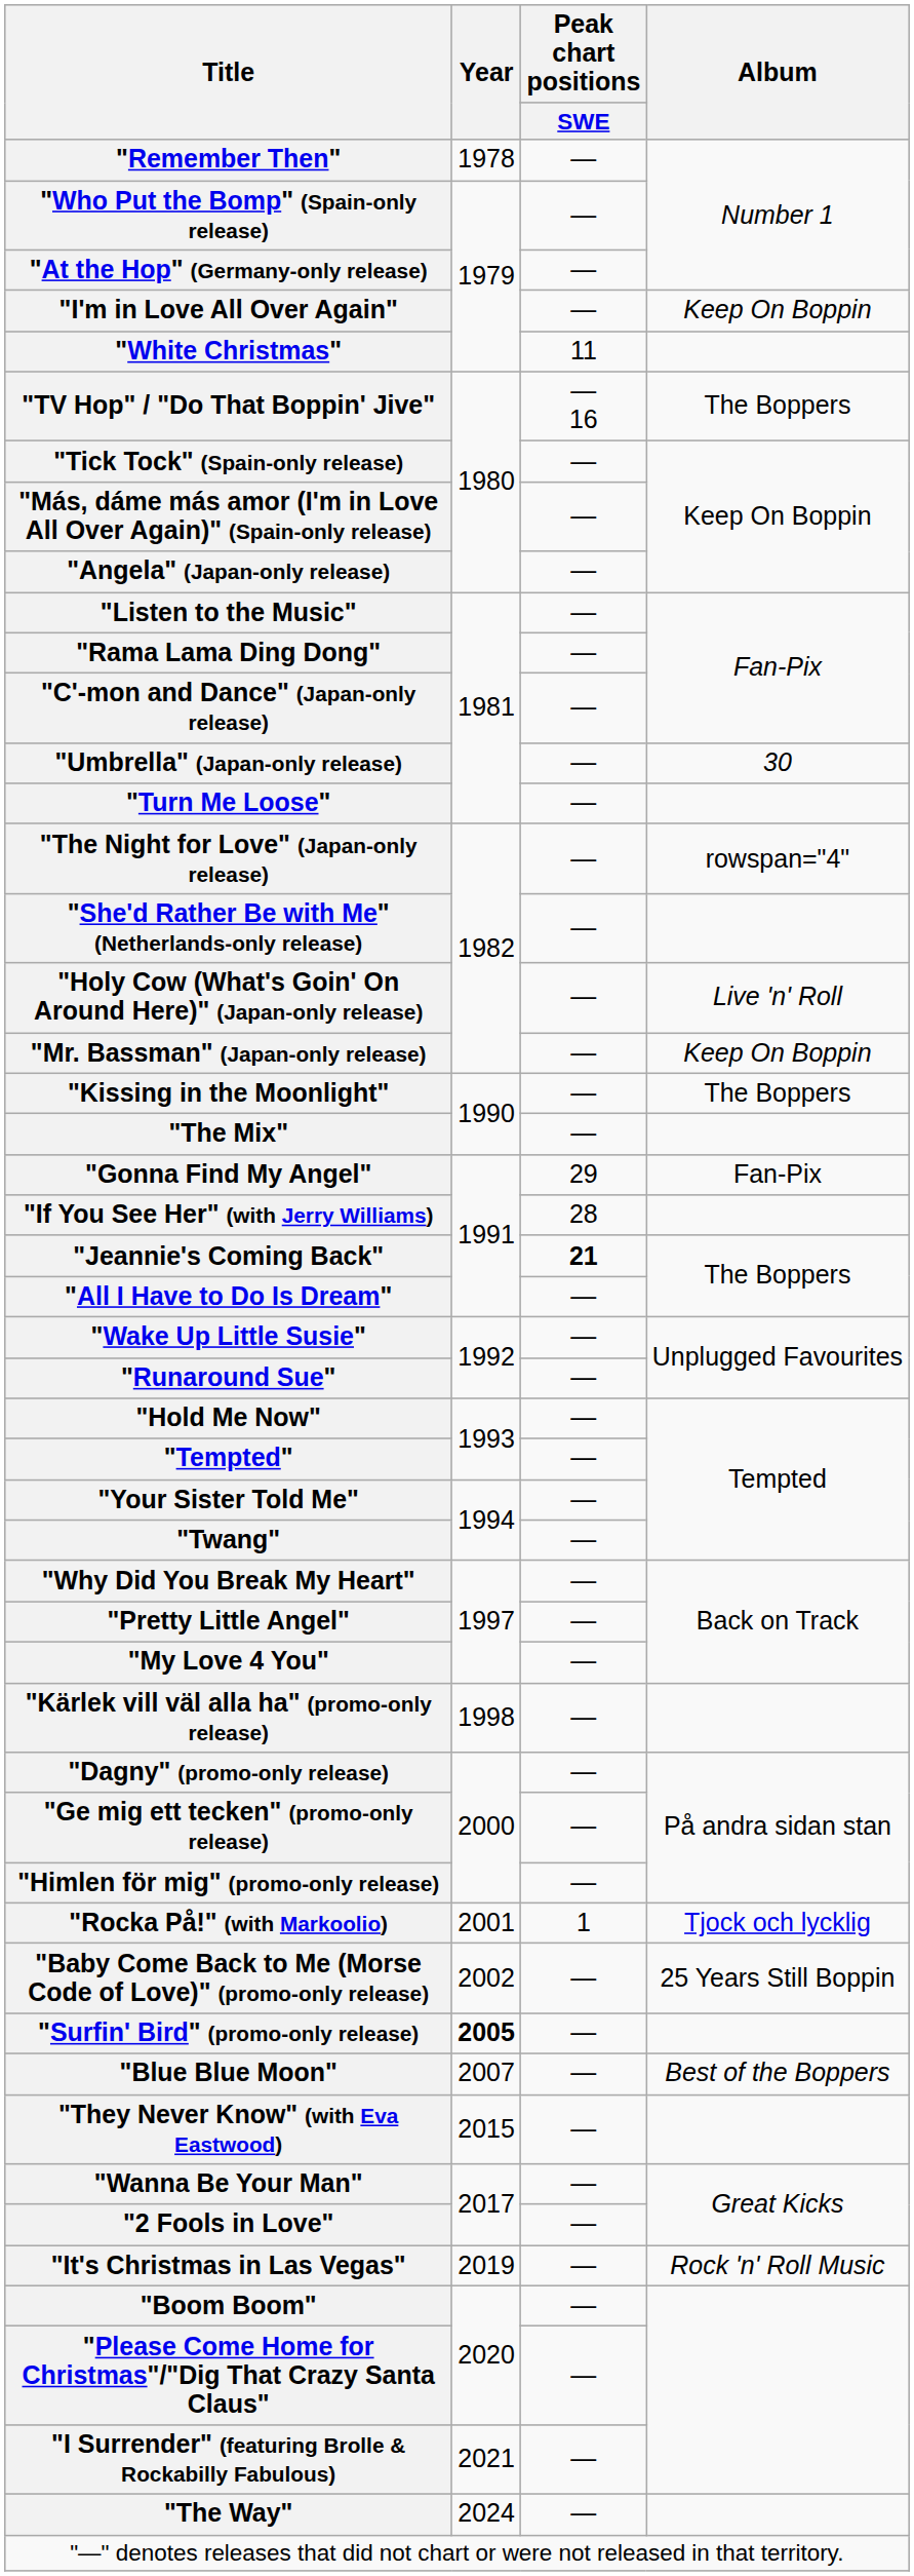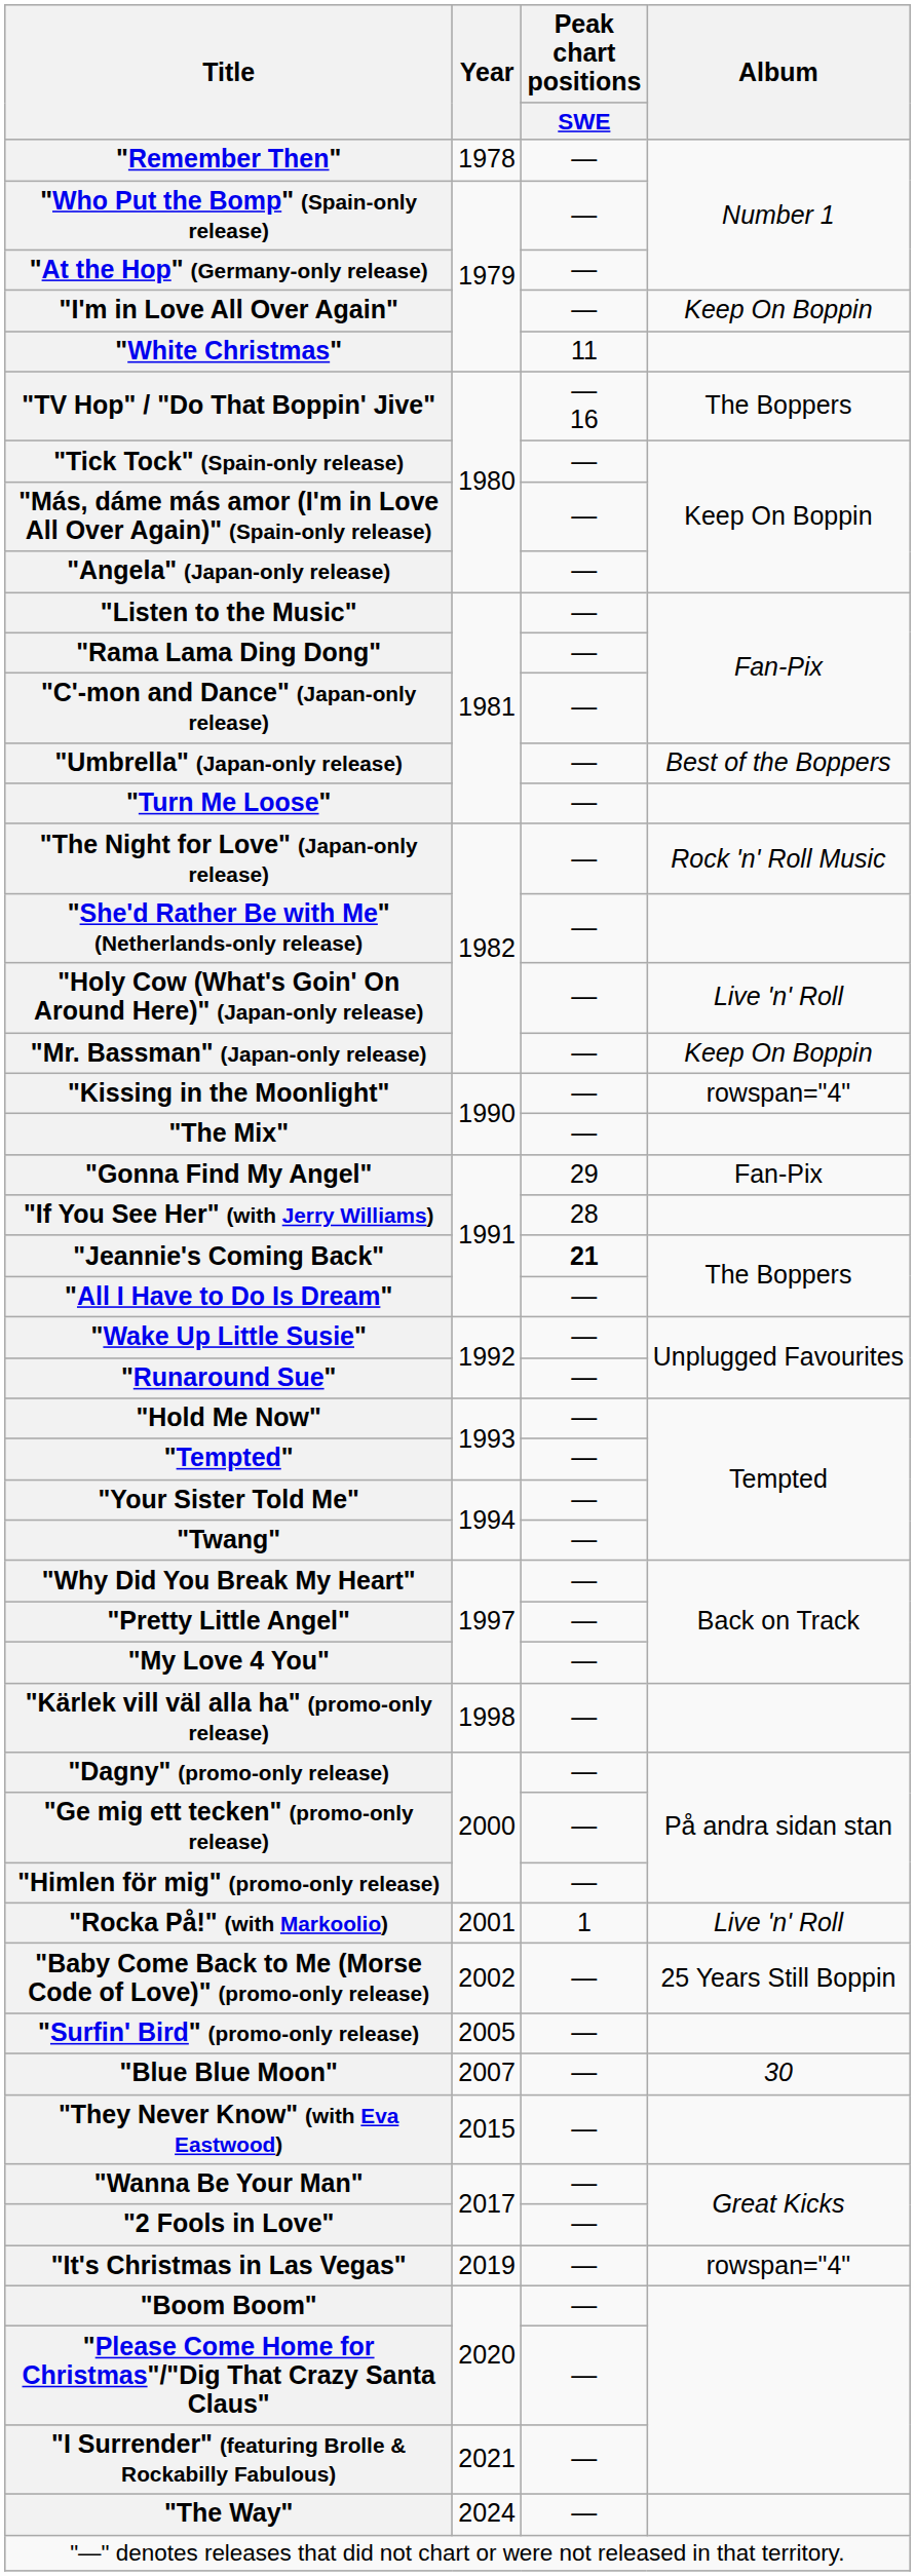 <table class="wikitable plainrowheaders" style="text-align:center;">
 <tr>
 <th rowspan="2" scope="col" style="width:17em;">Title</th>
 <th rowspan="2" scope="col" style="width:2em;">Year</th>
 <th>Peak chart positions</th>
 <th rowspan="2">Album</th>
 </tr>
 <tr>
 <th scope="col" style="width:2em;font-size:90%;"><a href='#'>SWE</a><br></th>
 </tr>
 <tr>
 <th scope="row">"<a href='#'>Remember Then</a>"</th>
 <td>1978</td>
 <td>—</td>
 <td rowspan="3"><em>Number 1</em></td>
 </tr>
 <tr>
 <th scope="row">"<a href='#'>Who Put the Bomp</a>" <small>(Spain-only release)</small></th>
 <td rowspan="4">1979</td>
 <td>—</td>
 </tr>
 <tr>
 <th scope="row">"<a href='#'>At the Hop</a>" <small>(Germany-only release)</small></th>
 <td>—</td>
 </tr>
 <tr>
 <th scope="row">"I'm in Love All Over Again"</th>
 <td>—</td>
 <td><em>Keep On Boppin<strong></td>
 </tr>
 <tr>
 <th scope="row">"<a href='#'>White Christmas</a>"</th>
 <td>11</td>
 <td></td>
 </tr>
 <tr>
 <th scope="row">"TV Hop" / "Do That Boppin' Jive"</th>
 <td rowspan="4">1980</td>
 <td>—<br>16</td>
 <td></em>The Boppers<em></td>
 </tr>
 <tr>
 <th scope="row">"Tick Tock" <small>(Spain-only release)</small></th>
 <td>—</td>
 <td rowspan="3"></em>Keep On Boppin</strong></td>
 </tr>
 <tr>
 <th scope="row">"Más, dáme más amor (I'm in Love All Over Again)" <small>(Spain-only release)</small></th>
 <td>—</td>
 </tr>
 <tr>
 <th scope="row">"Angela" <small>(Japan-only release)</small></th>
 <td>—</td>
 </tr>
 <tr>
 <th scope="row">"Listen to the Music"</th>
 <td rowspan="5">1981</td>
 <td>—</td>
 <td rowspan="3"><em>Fan-Pix</em></td>
 </tr>
 <tr>
 <th scope="row">"Rama Lama Ding Dong"</th>
 <td>—</td>
 </tr>
 <tr>
 <th scope="row">"C'-mon and Dance" <small>(Japan-only release)</small></th>
 <td>—</td>
 </tr>
 <tr>
 <th scope="row">"Umbrella" <small>(Japan-only release)</small></th>
 <td>—</td>
-<td><em>30</em></td>
+<td><em>Best of the Boppers</em></td>
 </tr>
 <tr>
 <th scope="row">"<a href='#'>Turn Me Loose</a>"</th>
 <td>—</td>
 <td></td>
 </tr>
 <tr>
 <th scope="row">"The Night for Love" <small>(Japan-only release)</small></th>
 <td rowspan="4">1982</td>
 <td>—</td>
-<td>rowspan="4" </td>
+<td><em>Rock 'n' Roll Music</em></td>
 </tr>
 <tr>
 <th scope="row">"<a href='#'>She'd Rather Be with Me</a>" <small>(Netherlands-only release)</small></th>
 <td>—</td>
 <td></td>
 </tr>
 <tr>
 <th scope="row">"Holy Cow (What's Goin' On Around Here)" <small>(Japan-only release)</small></th>
 <td>—</td>
 <td><em>Live 'n' Roll</em></td>
 </tr>
 <tr>
 <th scope="row">"Mr. Bassman" <small>(Japan-only release)</small></th>
 <td>—</td>
 <td><em>Keep On Boppin<strong></td>
 </tr>
 <tr>
 <th scope="row">"Kissing in the Moonlight"</th>
 <td rowspan="2">1990</td>
 <td>—</td>
-<td></em>The Boppers<em></td>
+<td>rowspan="4" </td>
 </tr>
 <tr>
 <th scope="row">"The Mix"</th>
 <td>—</td>
 <td></td>
 </tr>
 <tr>
 <th scope="row">"Gonna Find My Angel"</th>
 <td rowspan="4">1991</td>
 <td>29</td>
 <td></em>Fan-Pix<em></td>
 </tr>
 <tr>
 <th scope="row">"If You See Her" <small>(with <a href='#'>Jerry Williams</a>)</small></th>
 <td>28</td>
 <td></td>
 </tr>
 <tr>
 <th scope="row">"Jeannie's Coming Back"</th>
 <td><strong>21</strong></td>
 <td rowspan="2"></em>The Boppers<em></td>
 </tr>
 <tr>
 <th scope="row">"<a href='#'>All I Have to Do Is Dream</a>"</th>
 <td>—</td>
 </tr>
 <tr>
 <th scope="row">"<a href='#'>Wake Up Little Susie</a>"</th>
 <td rowspan="2">1992</td>
 <td>—</td>
 <td rowspan="2"></em>Unplugged Favourites<em></td>
 </tr>
 <tr>
 <th scope="row">"<a href='#'>Runaround Sue</a>"</th>
 <td>—</td>
 </tr>
 <tr>
 <th scope="row">"Hold Me Now"</th>
 <td rowspan="2">1993</td>
 <td>—</td>
 <td rowspan="4"></em>Tempted<em></td>
 </tr>
 <tr>
 <th scope="row">"<a href='#'>Tempted</a>"</th>
 <td>—</td>
 </tr>
 <tr>
 <th scope="row">"Your Sister Told Me"</th>
 <td rowspan="2">1994</td>
 <td>—</td>
 </tr>
 <tr>
 <th scope="row">"Twang"</th>
 <td>—</td>
 </tr>
 <tr>
 <th scope="row">"Why Did You Break My Heart"</th>
 <td rowspan="3">1997</td>
 <td>—</td>
 <td rowspan="3"></em>Back on Track<em></td>
 </tr>
 <tr>
 <th scope="row">"Pretty Little Angel"</th>
 <td>—</td>
 </tr>
 <tr>
 <th scope="row">"My Love 4 You"</th>
 <td>—</td>
 </tr>
 <tr>
 <th scope="row">"Kärlek vill väl alla ha" <small>(promo-only release)</small></th>
 <td>1998</td>
 <td>—</td>
 <td></td>
 </tr>
 <tr>
 <th scope="row">"Dagny" <small>(promo-only release)</small></th>
 <td rowspan="3">2000</td>
 <td>—</td>
 <td rowspan="3"></em>På andra sidan stan<em></td>
 </tr>
 <tr>
 <th scope="row">"Ge mig ett tecken" <small>(promo-only release)</small></th>
 <td>—</td>
 </tr>
 <tr>
 <th scope="row">"Himlen för mig" <small>(promo-only release)</small></th>
 <td>—</td>
 </tr>
 <tr>
 <th scope="row">"Rocka På!" <small>(with <a href='#'>Markoolio</a>)</small></th>
 <td>2001</td>
 <td>1</td>
-<td></em><a href='#'>Tjock och lycklig</a><em></td>
+<td><em>Live 'n' Roll</em></td>
 </tr>
 <tr>
 <th scope="row">"Baby Come Back to Me (Morse Code of Love)" <small>(promo-only release)</small></th>
 <td>2002</td>
 <td>—</td>
 <td></em>25 Years Still Boppin</strong></td>
 </tr>
 <tr>
 <th scope="row">"<a href='#'>Surfin' Bird</a>" <small>(promo-only release)</small></th>
-<td><strong>2005</strong></td>
+<td>2005</td>
 <td>—</td>
 <td></td>
 </tr>
 <tr>
 <th scope="row">"Blue Blue Moon"</th>
 <td>2007</td>
 <td>—</td>
-<td><em>Best of the Boppers</em></td>
+<td><em>30</em></td>
 </tr>
 <tr>
 <th scope="row">"They Never Know" <small>(with <a href='#'>Eva Eastwood</a>)</small></th>
 <td>2015</td>
 <td>—</td>
 <td></td>
 </tr>
 <tr>
 <th scope="row">"Wanna Be Your Man"</th>
 <td rowspan="2">2017</td>
 <td>—</td>
 <td rowspan="2"><em>Great Kicks</em></td>
 </tr>
 <tr>
 <th scope="row">"2 Fools in Love"</th>
 <td>—</td>
 </tr>
 <tr>
 <th scope="row">"It's Christmas in Las Vegas"</th>
 <td>2019</td>
 <td>—</td>
-<td><em>Rock 'n' Roll Music</em></td>
+<td>rowspan="4" </td>
 </tr>
 <tr>
 <th scope="row">"Boom Boom"</th>
 <td rowspan="2">2020</td>
 <td>—</td>
 </tr>
 <tr>
 <th scope="row">"<a href='#'>Please Come Home for Christmas</a>"/"Dig That Crazy Santa Claus"</th>
 <td>—</td>
 </tr>
 <tr>
 <th scope="row">"I Surrender" <small>(featuring Brolle & Rockabilly Fabulous)</small></th>
 <td>2021</td>
 <td>—</td>
 </tr>
 <tr>
 <th scope="row">"The Way"</th>
 <td>2024</td>
 <td>—</td>
 <td></td>
 </tr>
 <tr>
 <td colspan="4" style="font-size:90%">"—" denotes releases that did not chart or were not released in that territory.</td>
 </tr>
 </table>
